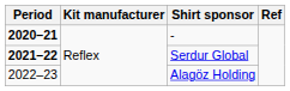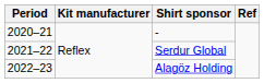 <table class="wikitable">
 <tr>
 <th>Period</th>
 <th>Kit manufacturer</th>
 <th>Shirt sponsor</th>
 <th>Ref</th>
 </tr>
 <tr>
-<td><strong>2020–21</strong></td>
+<td>2020–21</td>
 <td rowspan="3">Reflex</td>
 <td>-</td>
 <td rowspan="3"></td>
 </tr>
 <tr>
-<td><strong>2021–22</strong></td>
+<td>2021–22</td>
 <td><a href='#'>Serdur Global</a></td>
 </tr>
 <tr>
 <td>2022–23</td>
 <td><a href='#'>Alagöz Holding</a></td>
 </tr>
 </table>
